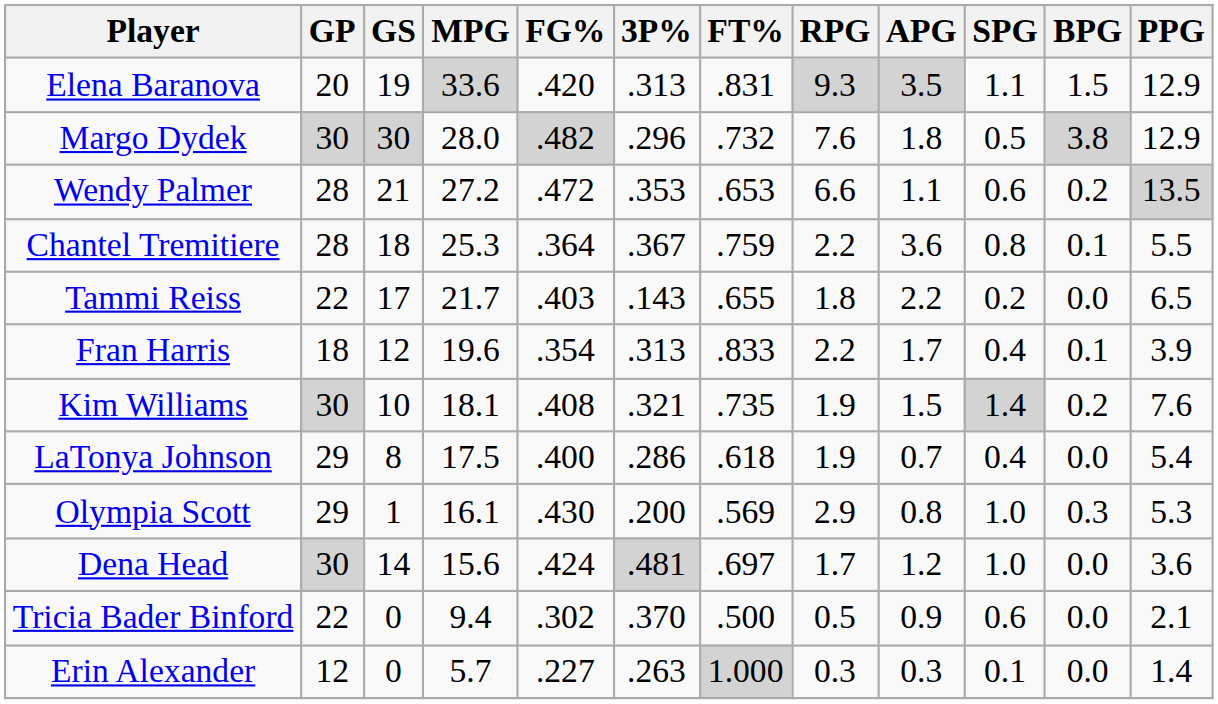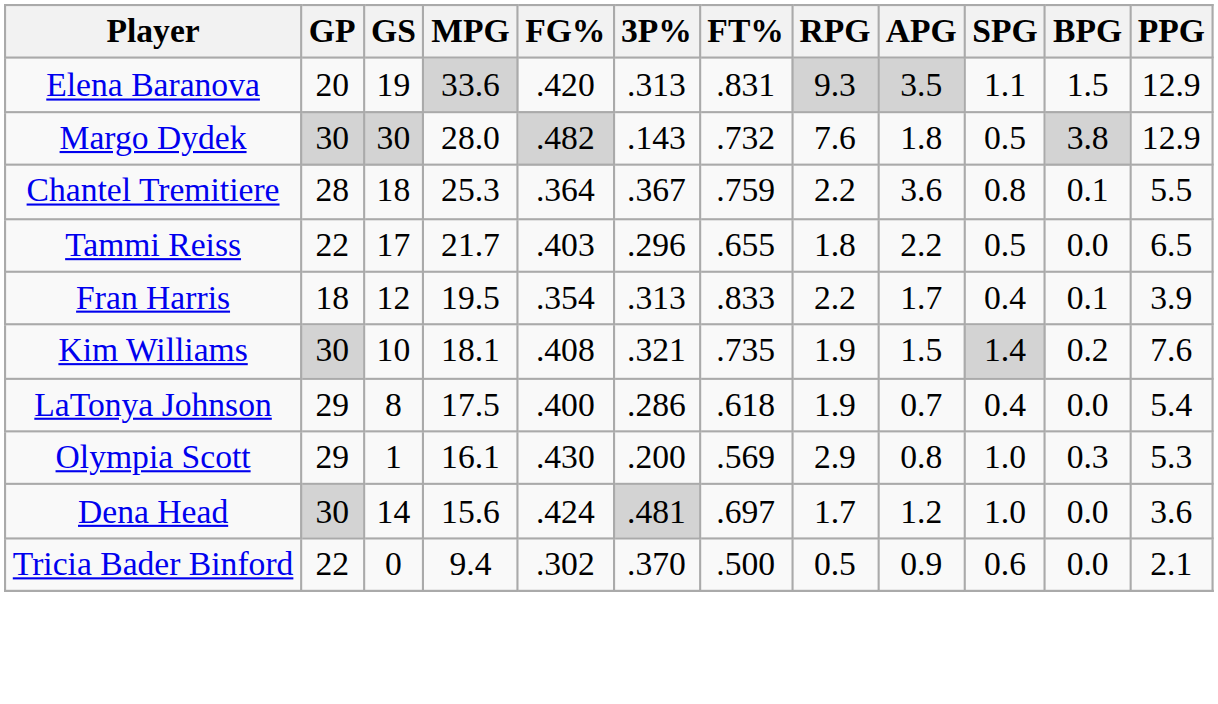 <table class="wikitable sortable" style="text-align:center;">
 <tr>
 <th>Player</th>
 <th>GP</th>
 <th>GS</th>
 <th>MPG</th>
 <th>FG%</th>
 <th>3P%</th>
 <th>FT%</th>
 <th>RPG</th>
 <th>APG</th>
 <th>SPG</th>
 <th>BPG</th>
 <th>PPG</th>
 </tr>
 <tr>
 <td><a href='#'>Elena Baranova</a></td>
 <td>20</td>
 <td>19</td>
 <td style="background:#D3D3D3;">33.6</td>
 <td>.420</td>
 <td>.313</td>
 <td>.831</td>
 <td style="background:#D3D3D3;">9.3</td>
 <td style="background:#D3D3D3;">3.5</td>
 <td>1.1</td>
 <td>1.5</td>
 <td>12.9</td>
 </tr>
 <tr>
 <td><a href='#'>Margo Dydek</a></td>
 <td style="background:#D3D3D3;">30</td>
 <td style="background:#D3D3D3;">30</td>
 <td>28.0</td>
 <td style="background:#D3D3D3;">.482</td>
-<td>.296</td>
+<td>.143</td>
 <td>.732</td>
 <td>7.6</td>
 <td>1.8</td>
 <td>0.5</td>
 <td style="background:#D3D3D3;">3.8</td>
 <td>12.9</td>
-</tr>
-<tr>
-<td><a href='#'>Wendy Palmer</a></td>
-<td>28</td>
-<td>21</td>
-<td>27.2</td>
-<td>.472</td>
-<td>.353</td>
-<td>.653</td>
-<td>6.6</td>
-<td>1.1</td>
-<td>0.6</td>
-<td>0.2</td>
-<td style="background:#D3D3D3;">13.5</td>
 </tr>
 <tr>
 <td><a href='#'>Chantel Tremitiere</a></td>
 <td>28</td>
 <td>18</td>
 <td>25.3</td>
 <td>.364</td>
 <td>.367</td>
 <td>.759</td>
 <td>2.2</td>
 <td>3.6</td>
 <td>0.8</td>
 <td>0.1</td>
 <td>5.5</td>
 </tr>
 <tr>
 <td><a href='#'>Tammi Reiss</a></td>
 <td>22</td>
 <td>17</td>
 <td>21.7</td>
 <td>.403</td>
-<td>.143</td>
+<td>.296</td>
 <td>.655</td>
 <td>1.8</td>
 <td>2.2</td>
-<td>0.2</td>
+<td>0.5</td>
 <td>0.0</td>
 <td>6.5</td>
 </tr>
 <tr>
 <td><a href='#'>Fran Harris</a></td>
 <td>18</td>
 <td>12</td>
-<td>19.6</td>
+<td>19.5</td>
 <td>.354</td>
 <td>.313</td>
 <td>.833</td>
 <td>2.2</td>
 <td>1.7</td>
 <td>0.4</td>
 <td>0.1</td>
 <td>3.9</td>
 </tr>
 <tr>
 <td><a href='#'>Kim Williams</a></td>
 <td style="background:#D3D3D3;">30</td>
 <td>10</td>
 <td>18.1</td>
 <td>.408</td>
 <td>.321</td>
 <td>.735</td>
 <td>1.9</td>
 <td>1.5</td>
 <td style="background:#D3D3D3;">1.4</td>
 <td>0.2</td>
 <td>7.6</td>
 </tr>
 <tr>
 <td><a href='#'>LaTonya Johnson</a></td>
 <td>29</td>
 <td>8</td>
 <td>17.5</td>
 <td>.400</td>
 <td>.286</td>
 <td>.618</td>
 <td>1.9</td>
 <td>0.7</td>
 <td>0.4</td>
 <td>0.0</td>
 <td>5.4</td>
 </tr>
 <tr>
 <td><a href='#'>Olympia Scott</a></td>
 <td>29</td>
 <td>1</td>
 <td>16.1</td>
 <td>.430</td>
 <td>.200</td>
 <td>.569</td>
 <td>2.9</td>
 <td>0.8</td>
 <td>1.0</td>
 <td>0.3</td>
 <td>5.3</td>
 </tr>
 <tr>
 <td><a href='#'>Dena Head</a></td>
 <td style="background:#D3D3D3;">30</td>
 <td>14</td>
 <td>15.6</td>
 <td>.424</td>
 <td style="background:#D3D3D3;">.481</td>
 <td>.697</td>
 <td>1.7</td>
 <td>1.2</td>
 <td>1.0</td>
 <td>0.0</td>
 <td>3.6</td>
 </tr>
 <tr>
 <td><a href='#'>Tricia Bader Binford</a></td>
 <td>22</td>
 <td>0</td>
 <td>9.4</td>
 <td>.302</td>
 <td>.370</td>
 <td>.500</td>
 <td>0.5</td>
 <td>0.9</td>
 <td>0.6</td>
 <td>0.0</td>
 <td>2.1</td>
 </tr>
 <tr>
-<td><a href='#'>Erin Alexander</a></td>
-<td>12</td>
-<td>0</td>
-<td>5.7</td>
-<td>.227</td>
-<td>.263</td>
-<td style="background:#D3D3D3;">1.000</td>
-<td>0.3</td>
-<td>0.3</td>
-<td>0.1</td>
-<td>0.0</td>
-<td>1.4</td>
-</tr>
-<tr>
 </tr>
 </table>
